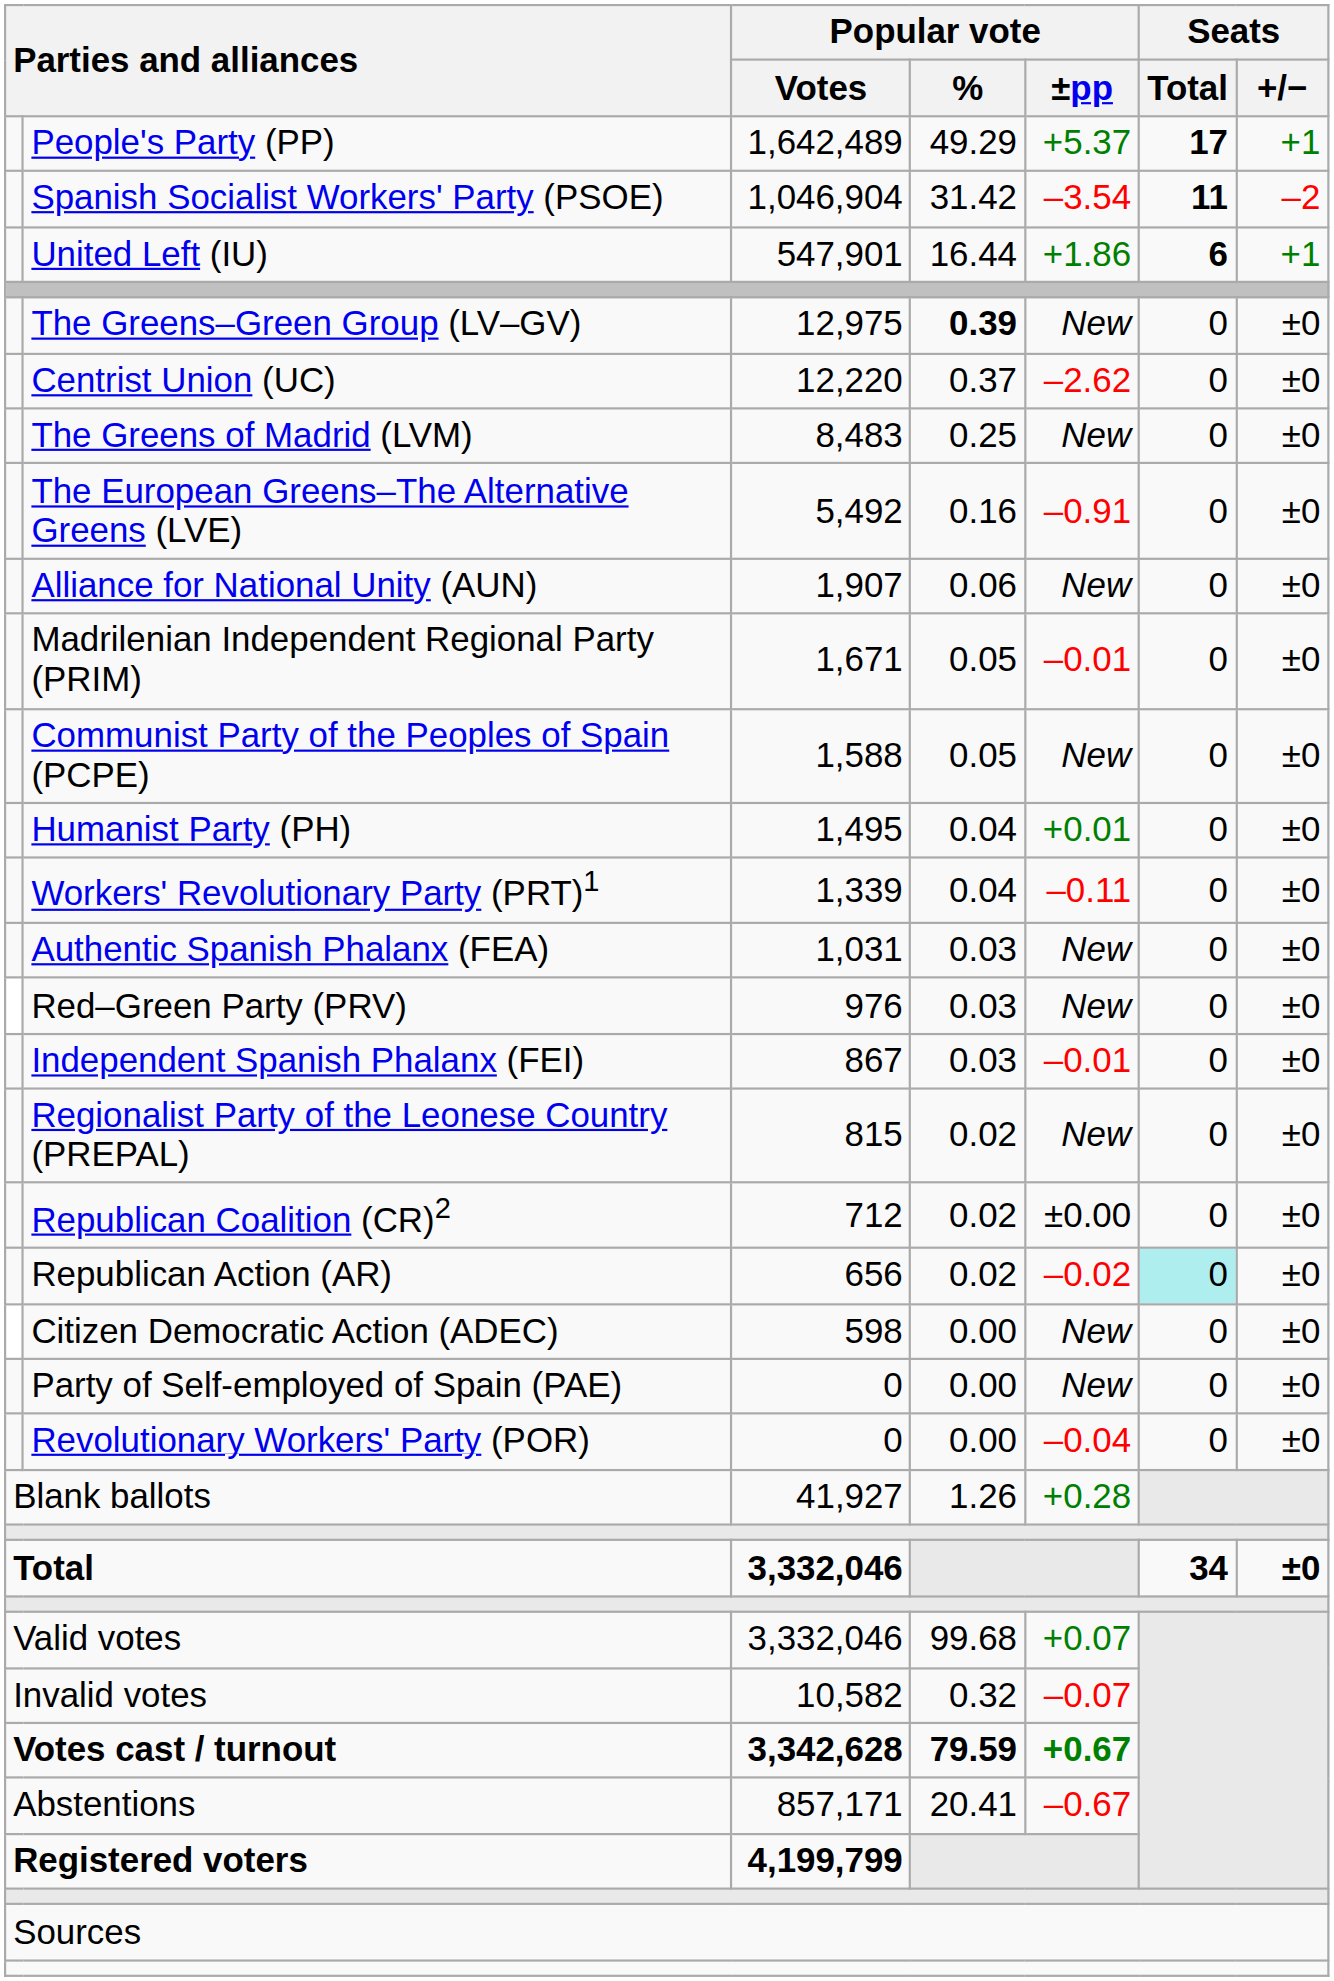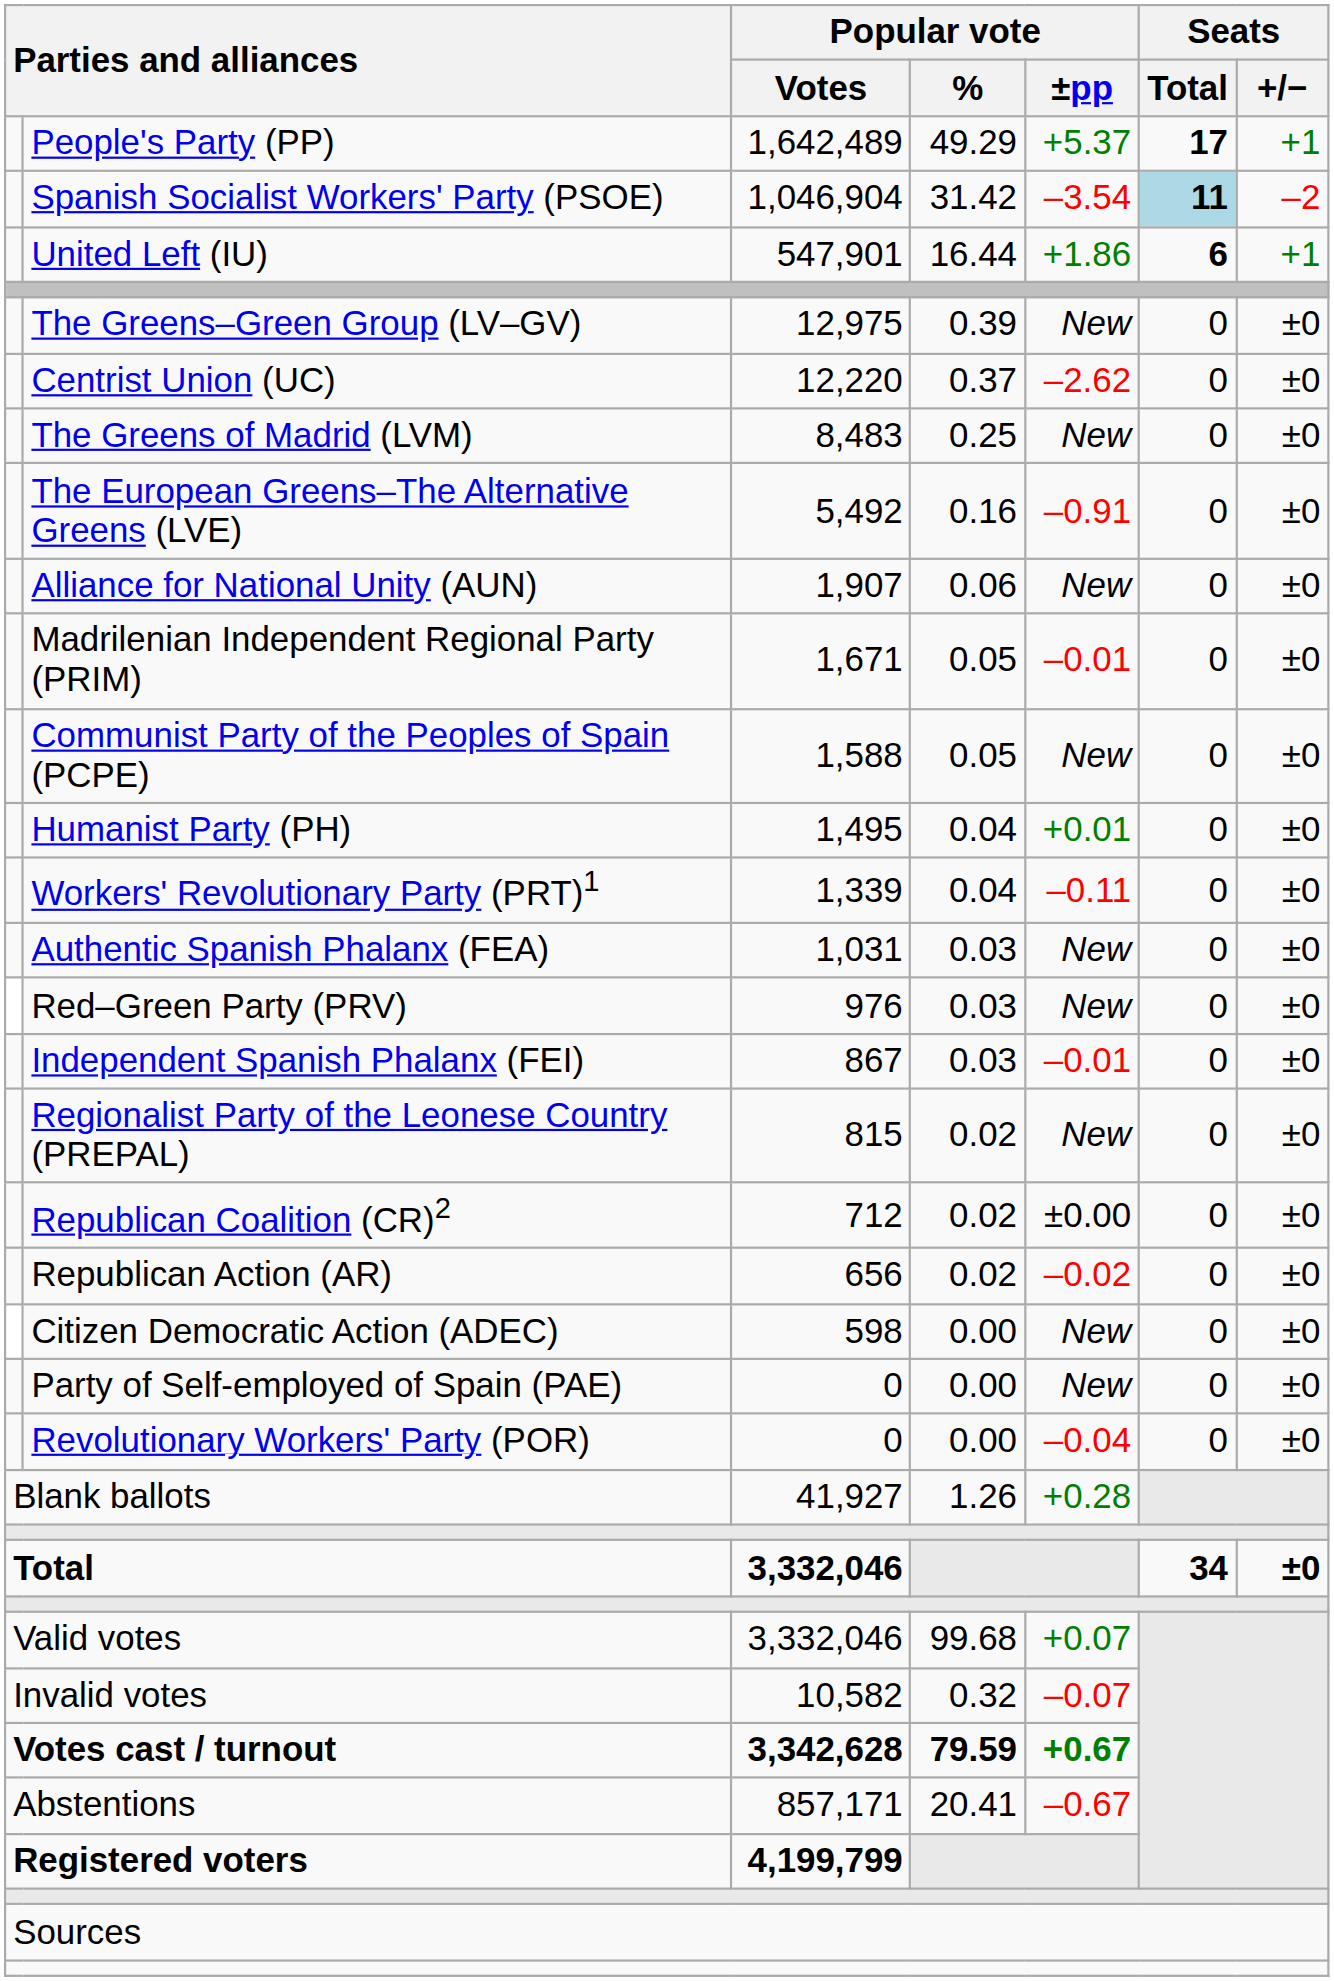 <table class="wikitable" style="text-align:right;">
 <tr>
 <th style="text-align:left;" rowspan="2" colspan="2" width="525">Parties and alliances</th>
 <th colspan="3">Popular vote</th>
 <th colspan="2">Seats</th>
 </tr>
 <tr>
 <th width="75">Votes</th>
 <th width="45">%</th>
 <th width="45">±<a href='#'>pp</a></th>
 <th width="35">Total</th>
 <th width="35">+/−</th>
 </tr>
 <tr>
 <td width="1" style="color:inherit;background:"></td>
 <td align="left"><a href='#'>People's Party</a> (PP)</td>
 <td>1,642,489</td>
 <td>49.29</td>
 <td style="color:green;">+5.37</td>
 <td><strong>17</strong></td>
 <td style="color:green;">+1</td>
 </tr>
 <tr>
 <td style="color:inherit;background:"></td>
 <td align="left"><a href='#'>Spanish Socialist Workers' Party</a> (PSOE)</td>
 <td>1,046,904</td>
 <td>31.42</td>
 <td style="color:red;">–3.54</td>
-<td><strong>11</strong></td>
+<td style="background: lightblue;"><strong>11</strong></td>
 <td style="color:red;">–2</td>
 </tr>
 <tr>
 <td style="color:inherit;background:"></td>
 <td align="left"><a href='#'>United Left</a> (IU)</td>
 <td>547,901</td>
 <td>16.44</td>
 <td style="color:green;">+1.86</td>
 <td><strong>6</strong></td>
 <td style="color:green;">+1</td>
 </tr>
 <tr>
 <td colspan="7" bgcolor="#C0C0C0"></td>
 </tr>
 <tr>
 <td style="color:inherit;background:"></td>
 <td align="left"><a href='#'>The Greens–Green Group</a> (LV–GV)</td>
 <td>12,975</td>
-<td><strong>0.39</strong></td>
+<td>0.39</td>
 <td><em>New</em></td>
 <td>0</td>
 <td>±0</td>
 </tr>
 <tr>
 <td style="color:inherit;background:"></td>
 <td align="left"><a href='#'>Centrist Union</a> (UC)</td>
 <td>12,220</td>
 <td>0.37</td>
 <td style="color:red;">–2.62</td>
 <td>0</td>
 <td>±0</td>
 </tr>
 <tr>
 <td style="color:inherit;background:"></td>
 <td align="left"><a href='#'>The Greens of Madrid</a> (LVM)</td>
 <td>8,483</td>
 <td>0.25</td>
 <td><em>New</em></td>
 <td>0</td>
 <td>±0</td>
 </tr>
 <tr>
 <td style="color:inherit;background:"></td>
 <td align="left"><a href='#'>The European Greens–The Alternative Greens</a> (LVE)</td>
 <td>5,492</td>
 <td>0.16</td>
 <td style="color:red;">–0.91</td>
 <td>0</td>
 <td>±0</td>
 </tr>
 <tr>
 <td style="color:inherit;background:"></td>
 <td align="left"><a href='#'>Alliance for National Unity</a> (AUN)</td>
 <td>1,907</td>
 <td>0.06</td>
 <td><em>New</em></td>
 <td>0</td>
 <td>±0</td>
 </tr>
 <tr>
 <td style="color:inherit;background:"></td>
 <td align="left">Madrilenian Independent Regional Party (PRIM)</td>
 <td>1,671</td>
 <td>0.05</td>
 <td style="color:red;">–0.01</td>
 <td>0</td>
 <td>±0</td>
 </tr>
 <tr>
 <td style="color:inherit;background:"></td>
 <td align="left"><a href='#'>Communist Party of the Peoples of Spain</a> (PCPE)</td>
 <td>1,588</td>
 <td>0.05</td>
 <td><em>New</em></td>
 <td>0</td>
 <td>±0</td>
 </tr>
 <tr>
 <td style="color:inherit;background:"></td>
 <td align="left"><a href='#'>Humanist Party</a> (PH)</td>
 <td>1,495</td>
 <td>0.04</td>
 <td style="color:green;">+0.01</td>
 <td>0</td>
 <td>±0</td>
 </tr>
 <tr>
 <td style="color:inherit;background:"></td>
 <td align="left"><a href='#'>Workers' Revolutionary Party</a> (PRT)<sup>1</sup></td>
 <td>1,339</td>
 <td>0.04</td>
 <td style="color:red;">–0.11</td>
 <td>0</td>
 <td>±0</td>
 </tr>
 <tr>
 <td style="color:inherit;background:"></td>
 <td align="left"><a href='#'>Authentic Spanish Phalanx</a> (FEA)</td>
 <td>1,031</td>
 <td>0.03</td>
 <td><em>New</em></td>
 <td>0</td>
 <td>±0</td>
 </tr>
 <tr>
 <td bgcolor="white"></td>
 <td align="left">Red–Green Party (PRV)</td>
 <td>976</td>
 <td>0.03</td>
 <td><em>New</em></td>
 <td>0</td>
 <td>±0</td>
 </tr>
 <tr>
 <td style="color:inherit;background:"></td>
 <td align="left"><a href='#'>Independent Spanish Phalanx</a> (FEI)</td>
 <td>867</td>
 <td>0.03</td>
 <td style="color:red;">–0.01</td>
 <td>0</td>
 <td>±0</td>
 </tr>
 <tr>
 <td style="color:inherit;background:"></td>
 <td align="left"><a href='#'>Regionalist Party of the Leonese Country</a> (PREPAL)</td>
 <td>815</td>
 <td>0.02</td>
 <td><em>New</em></td>
 <td>0</td>
 <td>±0</td>
 </tr>
 <tr>
 <td style="color:inherit;background:"></td>
 <td align="left"><a href='#'>Republican Coalition</a> (CR)<sup>2</sup></td>
 <td>712</td>
 <td>0.02</td>
 <td>±0.00</td>
 <td>0</td>
 <td>±0</td>
 </tr>
 <tr>
 <td style="color:inherit;background:"></td>
 <td align="left">Republican Action (AR)</td>
 <td>656</td>
 <td>0.02</td>
 <td style="color:red;">–0.02</td>
-<td style="background: paleturquoise;">0</td>
+<td>0</td>
 <td>±0</td>
 </tr>
 <tr>
 <td bgcolor="white"></td>
 <td align="left">Citizen Democratic Action (ADEC)</td>
 <td>598</td>
 <td>0.00</td>
 <td><em>New</em></td>
 <td>0</td>
 <td>±0</td>
 </tr>
 <tr>
 <td style="color:inherit;background:"></td>
 <td align="left">Party of Self-employed of Spain (PAE)</td>
 <td>0</td>
 <td>0.00</td>
 <td><em>New</em></td>
 <td>0</td>
 <td>±0</td>
 </tr>
 <tr>
 <td style="color:inherit;background:"></td>
 <td align="left"><a href='#'>Revolutionary Workers' Party</a> (POR)</td>
 <td>0</td>
 <td>0.00</td>
 <td style="color:red;">–0.04</td>
 <td>0</td>
 <td>±0</td>
 </tr>
 <tr>
 <td align="left" colspan="2">Blank ballots</td>
 <td>41,927</td>
 <td>1.26</td>
 <td style="color:green;">+0.28</td>
 <td bgcolor="#E9E9E9" colspan="2"></td>
 </tr>
 <tr>
 <td colspan="7" bgcolor="#E9E9E9"></td>
 </tr>
 <tr style="font-weight:bold;">
 <td align="left" colspan="2">Total</td>
 <td>3,332,046</td>
 <td bgcolor="#E9E9E9" colspan="2"></td>
 <td>34</td>
 <td>±0</td>
 </tr>
 <tr>
 <td colspan="7" bgcolor="#E9E9E9"></td>
 </tr>
 <tr>
 <td align="left" colspan="2">Valid votes</td>
 <td>3,332,046</td>
 <td>99.68</td>
 <td style="color:green;">+0.07</td>
 <td bgcolor="#E9E9E9" colspan="2" rowspan="5"></td>
 </tr>
 <tr>
 <td align="left" colspan="2">Invalid votes</td>
 <td>10,582</td>
 <td>0.32</td>
 <td style="color:red;">–0.07</td>
 </tr>
 <tr style="font-weight:bold;">
 <td align="left" colspan="2">Votes cast / turnout</td>
 <td>3,342,628</td>
 <td>79.59</td>
 <td style="color:green;">+0.67</td>
 </tr>
 <tr>
 <td align="left" colspan="2">Abstentions</td>
 <td>857,171</td>
 <td>20.41</td>
 <td style="color:red;">–0.67</td>
 </tr>
 <tr style="font-weight:bold;">
 <td align="left" colspan="2">Registered voters</td>
 <td>4,199,799</td>
 <td bgcolor="#E9E9E9" colspan="2"></td>
 </tr>
 <tr>
 <td colspan="7" bgcolor="#E9E9E9"></td>
 </tr>
 <tr>
 <td align="left" colspan="7">Sources</td>
 </tr>
 <tr>
 <td colspan="7" style="text-align:left; max-width:790px;"></td>
 </tr>
 </table>
